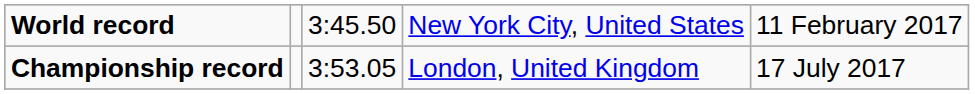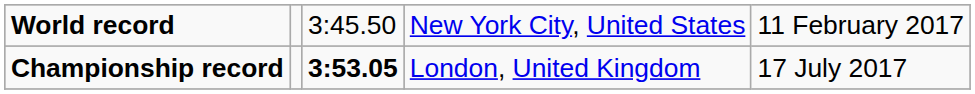 <table class="wikitable">
 <tr>
 <td><strong>World record</strong></td>
 <td></td>
 <td>3:45.50</td>
 <td><a href='#'>New York City</a>, <a href='#'>United States</a></td>
 <td>11 February 2017</td>
 </tr>
 <tr>
 <td><strong>Championship record</strong></td>
 <td></td>
-<td>3:53.05</td>
+<td><strong>3:53.05</strong></td>
 <td><a href='#'>London</a>, <a href='#'>United Kingdom</a></td>
 <td>17 July 2017</td>
 </tr>
 </table>
